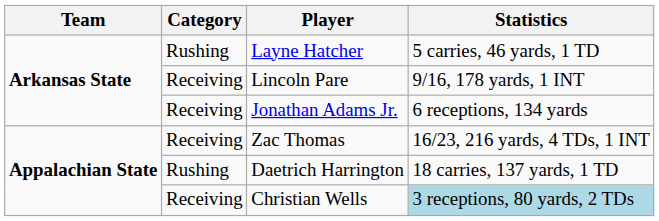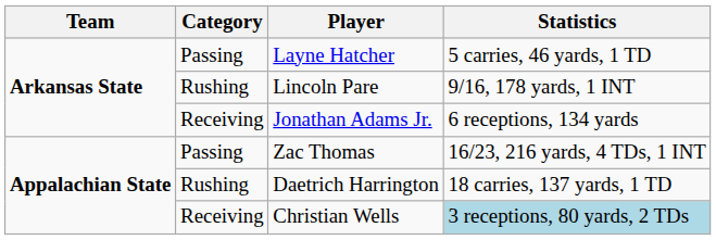 <table class="wikitable" style="float: left;">
 <tr>
 <th>Team</th>
 <th>Category</th>
 <th>Player</th>
 <th>Statistics</th>
 </tr>
 <tr>
 <td rowspan=3><strong>Arkansas State</strong></td>
-<td>Rushing</td>
+<td>Passing</td>
 <td><a href='#'>Layne Hatcher</a></td>
 <td>5 carries, 46 yards, 1 TD</td>
 </tr>
 <tr>
-<td>Receiving</td>
+<td>Rushing</td>
 <td>Lincoln Pare</td>
 <td>9/16, 178 yards, 1 INT</td>
 </tr>
 <tr>
 <td>Receiving</td>
 <td><a href='#'>Jonathan Adams Jr.</a></td>
 <td>6 receptions, 134 yards</td>
 </tr>
 <tr>
 <td rowspan=3><strong>Appalachian State</strong></td>
-<td>Receiving</td>
+<td>Passing</td>
 <td>Zac Thomas</td>
 <td>16/23, 216 yards, 4 TDs, 1 INT</td>
 </tr>
 <tr>
 <td>Rushing</td>
 <td>Daetrich Harrington</td>
 <td>18 carries, 137 yards, 1 TD</td>
 </tr>
 <tr>
 <td>Receiving</td>
 <td>Christian Wells</td>
 <td style="background: lightblue;">3 receptions, 80 yards, 2 TDs</td>
 </tr>
 </table>
